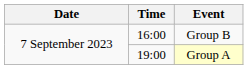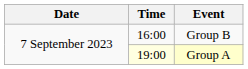 <table class = "wikitable" style="text-align:center;">
 <tr>
 <th width=150>Date</th>
 <th width=50>Time</th>
 <th width=80>Event</th>
 </tr>
 <tr>
 <td rowspan=2>7 September 2023</td>
 <td>16:00</td>
 <td>Group B</td>
 </tr>
 <tr>
-<td>19:00</td>
+<td style="background: lightyellow;">19:00</td>
 <td bgcolor=ffffcc>Group A</td>
 </tr>
 </table>
